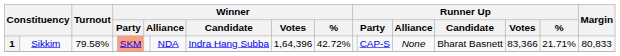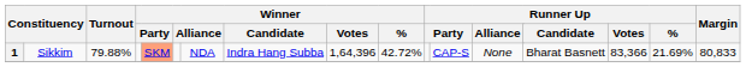 <table class="wikitable sortable" style="text-align:center;">
 <tr>
 <th colspan="2" rowspan="2">Constituency</th>
 <th rowspan="2">Turnout</th>
 <th colspan="7">Winner</th>
 <th colspan="7">Runner Up</th>
 <th rowspan="2">Margin</th>
 </tr>
 <tr>
 <th colspan="2">Party</th>
 <th colspan="2">Alliance</th>
 <th>Candidate</th>
 <th>Votes</th>
 <th>%</th>
 <th colspan="2">Party</th>
 <th colspan="2">Alliance</th>
 <th>Candidate</th>
 <th>Votes</th>
 <th>%</th>
 </tr>
 <tr>
 <th>1</th>
 <td><a href='#'>Sikkim</a></td>
-<td>79.58%</td>
+<td>79.88%</td>
 <td></td>
 <td style="background: lightsalmon;"><a href='#'>SKM</a></td>
 <td></td>
 <td><a href='#'>NDA</a></td>
 <td><a href='#'>Indra Hang Subba</a></td>
 <td>1,64,396</td>
 <td>42.72%</td>
 <td></td>
 <td><a href='#'>CAP-S</a></td>
 <td colspan=2><em>None</em></td>
 <td>Bharat Basnett</td>
 <td>83,366</td>
-<td>21.71%</td>
+<td>21.69%</td>
 <td style="background:">80,833</td>
 </tr>
 <tr>
 </tr>
 </table>
